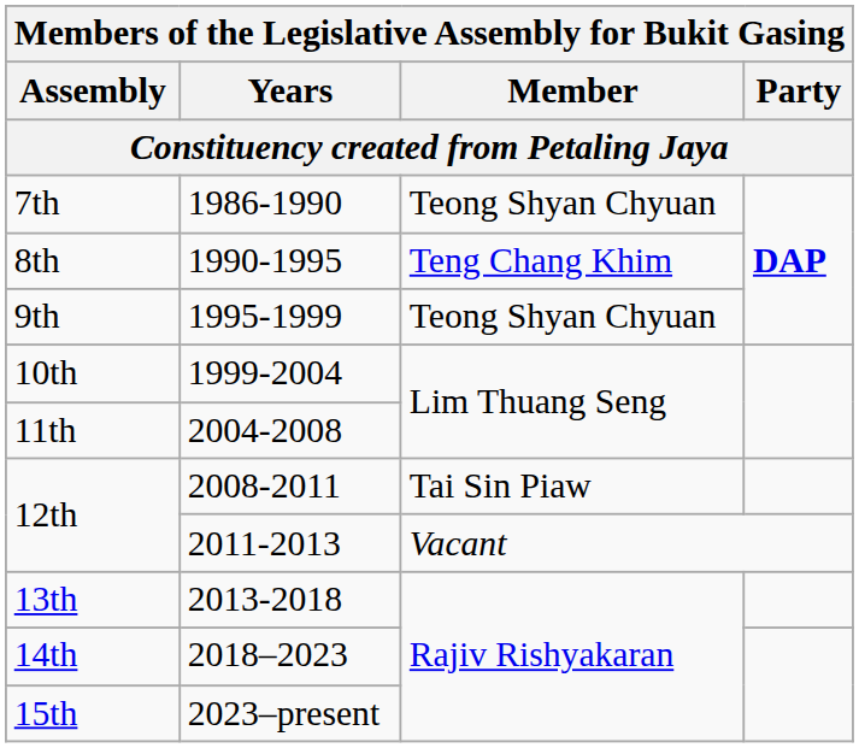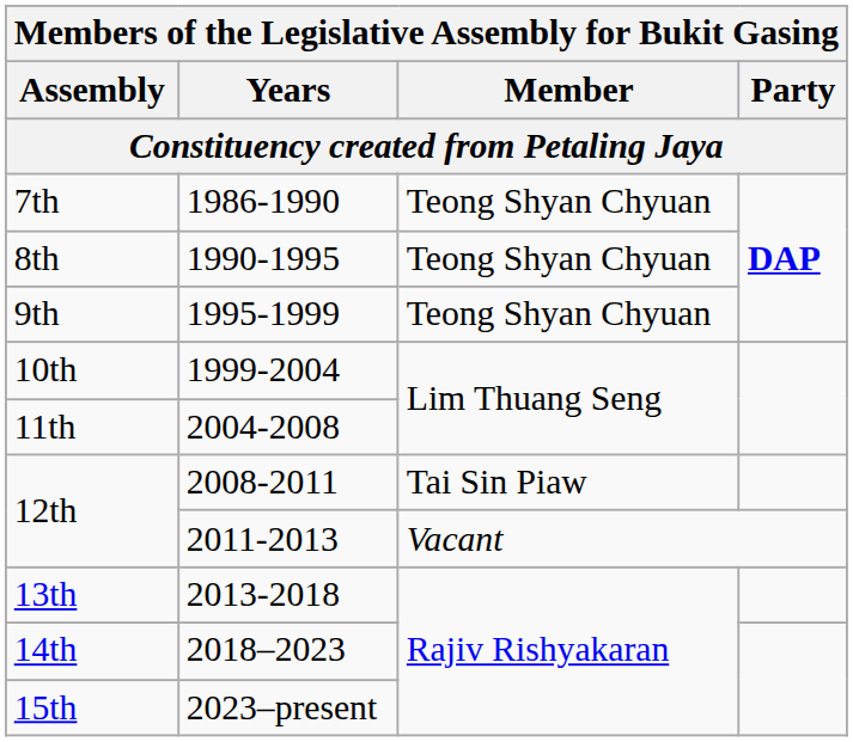 <table class=wikitable>
 <tr>
 <th colspan=4>Members of the Legislative Assembly for Bukit Gasing</th>
 </tr>
 <tr>
 <th>Assembly</th>
 <th>Years</th>
 <th>Member</th>
 <th>Party</th>
 </tr>
 <tr>
 <th colspan=4 align=center><em>Constituency created from Petaling Jaya</em></th>
 </tr>
 <tr>
 <td>7th</td>
 <td>1986-1990</td>
 <td>Teong Shyan Chyuan</td>
 <td rowspan=3><strong><a href='#'>DAP</a></strong></td>
 </tr>
 <tr>
 <td>8th</td>
 <td>1990-1995</td>
-<td><a href='#'>Teng Chang Khim</a></td>
+<td>Teong Shyan Chyuan</td>
 </tr>
 <tr>
 <td>9th</td>
 <td>1995-1999</td>
 <td>Teong Shyan Chyuan</td>
 </tr>
 <tr>
 <td>10th</td>
 <td>1999-2004</td>
 <td rowspan=2>Lim Thuang Seng</td>
 <td rowspan=2></td>
 </tr>
 <tr>
 <td>11th</td>
 <td>2004-2008</td>
 </tr>
 <tr>
 <td rowspan=2>12th</td>
 <td>2008-2011</td>
 <td>Tai Sin Piaw</td>
 <td></td>
 </tr>
 <tr>
 <td>2011-2013</td>
 <td colspan="2"><em>Vacant</em></td>
 </tr>
 <tr>
 <td><a href='#'>13th</a></td>
 <td>2013-2018</td>
 <td rowspan=3><a href='#'>Rajiv Rishyakaran</a></td>
 <td></td>
 </tr>
 <tr>
 <td><a href='#'>14th</a></td>
 <td>2018–2023</td>
 <td rowspan=2></td>
 </tr>
 <tr>
 <td><a href='#'>15th</a></td>
 <td>2023–present</td>
 </tr>
 </table>
